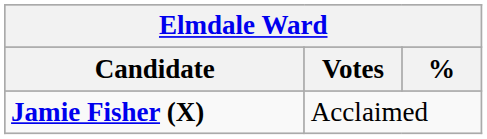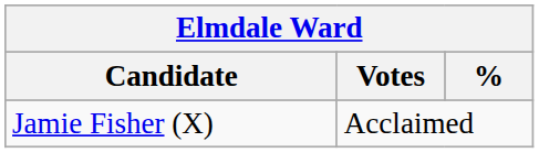 <table class="wikitable">
 <tr>
 <th colspan="3"><a href='#'>Elmdale Ward</a></th>
 </tr>
 <tr>
 <th style="width: 170px">Candidate</th>
 <th style="width: 50px">Votes</th>
 <th style="width: 40px">%</th>
 </tr>
 <tr>
-<td><strong><a href='#'>Jamie Fisher</a> (X)</strong></td>
+<td><a href='#'>Jamie Fisher</a> (X)</td>
 <td colspan="2">Acclaimed</td>
 </tr>
 </table>
